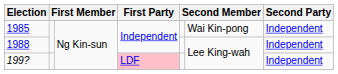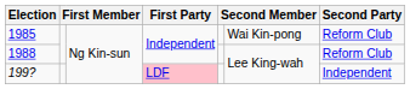 <table class="wikitable">
 <tr>
 <th>Election</th>
 <th colspan="2">First Member</th>
 <th>First Party</th>
 <th colspan="2">Second Member</th>
 <th>Second Party</th>
 </tr>
 <tr>
 <td><a href='#'>1985</a></td>
 <td rowspan=2 style="background-color:"></td>
 <td rowspan=3>Ng Kin-sun</td>
 <td rowspan=2><a href='#'>Independent</a></td>
 <td style="background-color:"></td>
 <td>Wai Kin-pong</td>
-<td><a href='#'>Independent</a></td>
+<td><a href='#'>Reform Club</a></td>
 </tr>
 <tr>
 <td><a href='#'>1988</a></td>
 <td style="background-color:"></td>
 <td rowspan=2>Lee King-wah</td>
-<td><a href='#'>Independent</a></td>
+<td><a href='#'>Reform Club</a></td>
 </tr>
 <tr>
 <td><em>199?</em></td>
 <td style="background-color:"></td>
 <td style="background: pink;"><a href='#'>LDF</a></td>
 <td style="background-color:"></td>
 <td><a href='#'>Independent</a></td>
 </tr>
 </table>
